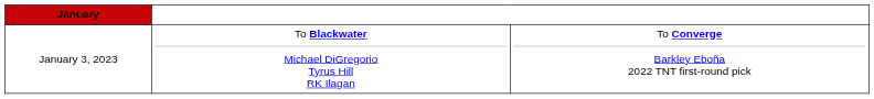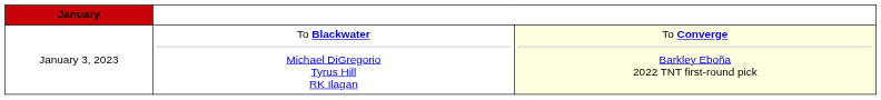 <table border=1 style="border-collapse:collapse; text-align: center; width: 100%" bordercolor="#000000"  cellpadding="5">
 <tr bgcolor="eeeeee">
 <th style="background:#C70309; color:#000000; ">January</th>
 </tr>
 <tr>
 <td style="width:12%">January 3, 2023</td>
 <td style="width:29.3%" valign="top">To <strong><a href='#'>Blackwater</a></strong><hr><a href='#'>Michael DiGregorio</a><br><a href='#'>Tyrus Hill</a><br><a href='#'>RK Ilagan</a></td>
-<td style="width:29.3%" valign="top">To <strong><a href='#'>Converge</a></strong><hr><a href='#'>Barkley Eboña</a><br>2022 TNT first-round pick</td>
+<td style="background: lightyellow; width:29.3%" valign="top">To <strong><a href='#'>Converge</a></strong><hr><a href='#'>Barkley Eboña</a><br>2022 TNT first-round pick</td>
 </tr>
 </table>
